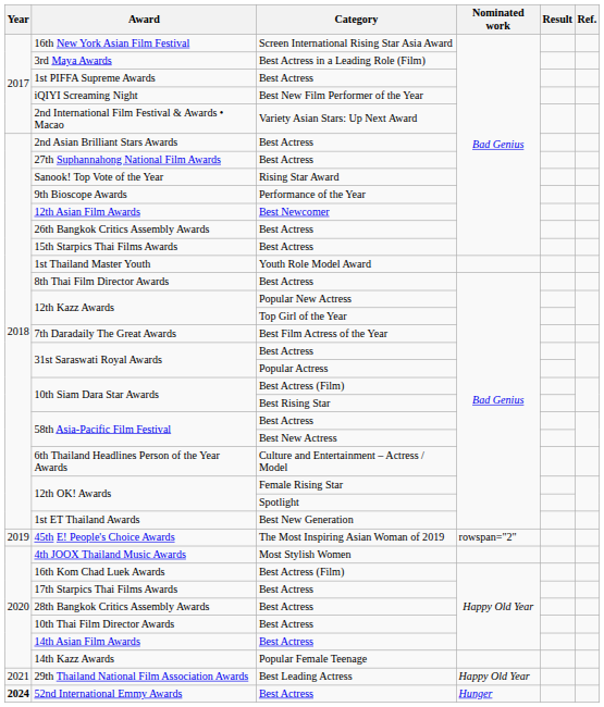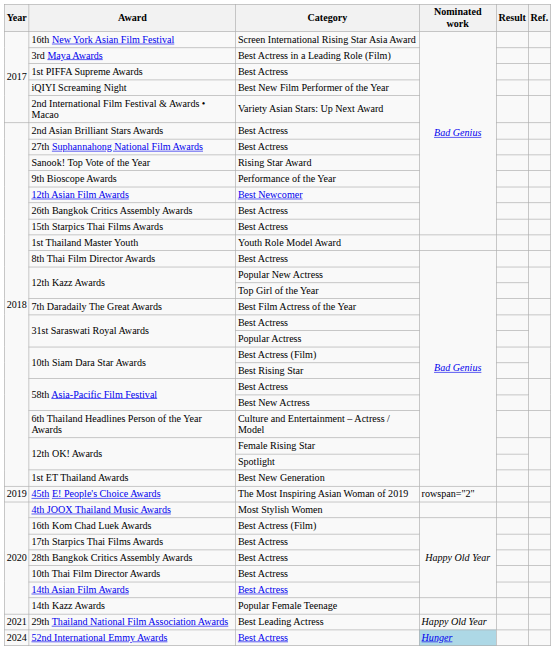 <table class="wikitable">
 <tr>
 <th>Year</th>
 <th>Award</th>
 <th>Category</th>
 <th>Nominated work</th>
 <th>Result</th>
 <th>Ref.</th>
 </tr>
 <tr>
 <td rowspan="5">2017</td>
 <td>16th <a href='#'>New York Asian Film Festival</a></td>
 <td>Screen International Rising Star Asia Award</td>
 <td rowspan="12" style="text-align:center;"><em><a href='#'>Bad Genius</a></em></td>
 <td></td>
 <td></td>
 </tr>
 <tr>
 <td>3rd <a href='#'>Maya Awards</a></td>
 <td>Best Actress in a Leading Role (Film)</td>
 <td></td>
 <td></td>
 </tr>
 <tr>
 <td>1st PIFFA Supreme Awards</td>
 <td>Best Actress</td>
 <td></td>
 <td></td>
 </tr>
 <tr>
 <td>iQIYI Screaming Night</td>
 <td>Best New Film Performer of the Year</td>
 <td></td>
 <td></td>
 </tr>
 <tr>
 <td>2nd International Film Festival & Awards • Macao</td>
 <td>Variety Asian Stars: Up Next Award</td>
 <td></td>
 <td></td>
 </tr>
 <tr>
 <td rowspan="22">2018</td>
 <td>2nd Asian Brilliant Stars Awards</td>
 <td>Best Actress</td>
 <td></td>
 <td></td>
 </tr>
 <tr>
 <td>27th <a href='#'>Suphannahong National Film Awards</a></td>
 <td>Best Actress</td>
 <td></td>
 <td></td>
 </tr>
 <tr>
 <td>Sanook! Top Vote of the Year</td>
 <td>Rising Star Award</td>
 <td></td>
 <td></td>
 </tr>
 <tr>
 <td>9th Bioscope Awards</td>
 <td>Performance of the Year</td>
 <td></td>
 <td></td>
 </tr>
 <tr>
 <td><a href='#'>12th Asian Film Awards</a></td>
 <td><a href='#'>Best Newcomer</a></td>
 <td></td>
 <td></td>
 </tr>
 <tr>
 <td>26th Bangkok Critics Assembly Awards</td>
 <td>Best Actress</td>
 <td></td>
 <td></td>
 </tr>
 <tr>
 <td>15th Starpics Thai Films Awards</td>
 <td>Best Actress</td>
 <td></td>
 <td></td>
 </tr>
 <tr>
 <td>1st Thailand Master Youth</td>
 <td>Youth Role Model Award</td>
 <td></td>
 <td></td>
 <td></td>
 </tr>
 <tr>
 <td>8th Thai Film Director Awards</td>
 <td>Best Actress</td>
 <td rowspan="14" style="text-align:center;"><em><a href='#'>Bad Genius</a></em></td>
 <td></td>
 <td></td>
 </tr>
 <tr>
 <td rowspan="2">12th Kazz Awards</td>
 <td>Popular New Actress</td>
 <td></td>
 <td rowspan="2"></td>
 </tr>
 <tr>
 <td>Top Girl of the Year</td>
 <td></td>
 </tr>
 <tr>
 <td>7th Daradaily The Great Awards</td>
 <td>Best Film Actress of the Year</td>
 <td></td>
 <td></td>
 </tr>
 <tr>
 <td rowspan="2">31st Saraswati Royal Awards</td>
 <td>Best Actress</td>
 <td></td>
 <td rowspan="2"></td>
 </tr>
 <tr>
 <td>Popular Actress</td>
 <td></td>
 </tr>
 <tr>
 <td rowspan="2">10th Siam Dara Star Awards</td>
 <td>Best Actress (Film)</td>
 <td></td>
 <td rowspan="2"></td>
 </tr>
 <tr>
 <td>Best Rising Star</td>
 <td></td>
 </tr>
 <tr>
 <td rowspan="2">58th <a href='#'>Asia-Pacific Film Festival</a></td>
 <td>Best Actress</td>
 <td></td>
 <td rowspan="2"></td>
 </tr>
 <tr>
 <td>Best New Actress</td>
 <td></td>
 </tr>
 <tr>
 <td>6th Thailand Headlines Person of the Year Awards</td>
 <td>Culture and Entertainment – Actress / Model</td>
 <td></td>
 <td></td>
 </tr>
 <tr>
 <td rowspan="2">12th OK! Awards</td>
 <td>Female Rising Star</td>
 <td></td>
 <td rowspan="2"></td>
 </tr>
 <tr>
 <td>Spotlight</td>
 <td></td>
 </tr>
 <tr>
 <td>1st ET Thailand Awards</td>
 <td>Best New Generation</td>
 <td></td>
 <td></td>
 </tr>
 <tr>
 <td>2019</td>
 <td><a href='#'>45th</a> <a href='#'>E! People's Choice Awards</a></td>
 <td>The Most Inspiring Asian Woman of 2019</td>
 <td>rowspan="2" </td>
 <td></td>
 <td></td>
 </tr>
 <tr>
 <td rowspan="7">2020</td>
 <td><a href='#'>4th JOOX Thailand Music Awards</a></td>
 <td>Most Stylish Women</td>
 <td></td>
 <td></td>
 </tr>
 <tr>
 <td>16th Kom Chad Luek Awards</td>
 <td>Best Actress (Film)</td>
 <td rowspan="5" style="text-align:center;"><em>Happy Old Year</em></td>
 <td></td>
 <td></td>
 </tr>
 <tr>
 <td>17th Starpics Thai Films Awards</td>
 <td>Best Actress</td>
 <td></td>
 <td></td>
 </tr>
 <tr>
 <td>28th Bangkok Critics Assembly Awards</td>
 <td>Best Actress</td>
 <td></td>
 <td></td>
 </tr>
 <tr>
 <td>10th Thai Film Director Awards</td>
 <td>Best Actress</td>
 <td></td>
 <td></td>
 </tr>
 <tr>
 <td><a href='#'>14th Asian Film Awards</a></td>
 <td><a href='#'>Best Actress</a></td>
 <td></td>
 <td></td>
 </tr>
 <tr>
 <td>14th Kazz Awards</td>
 <td>Popular Female Teenage</td>
 <td></td>
 <td></td>
 <td></td>
 </tr>
 <tr>
 <td>2021</td>
 <td>29th <a href='#'>Thailand National Film Association Awards</a></td>
 <td>Best Leading Actress</td>
 <td><em>Happy Old Year</em></td>
 <td></td>
 <td></td>
 </tr>
 <tr>
-<td><strong>2024</strong></td>
+<td>2024</td>
 <td><a href='#'>52nd International Emmy Awards</a></td>
 <td><a href='#'>Best Actress</a></td>
-<td><em><a href='#'>Hunger</a></em></td>
+<td style="background: lightblue;"><em><a href='#'>Hunger</a></em></td>
 <td></td>
 <td></td>
 </tr>
 </table>
